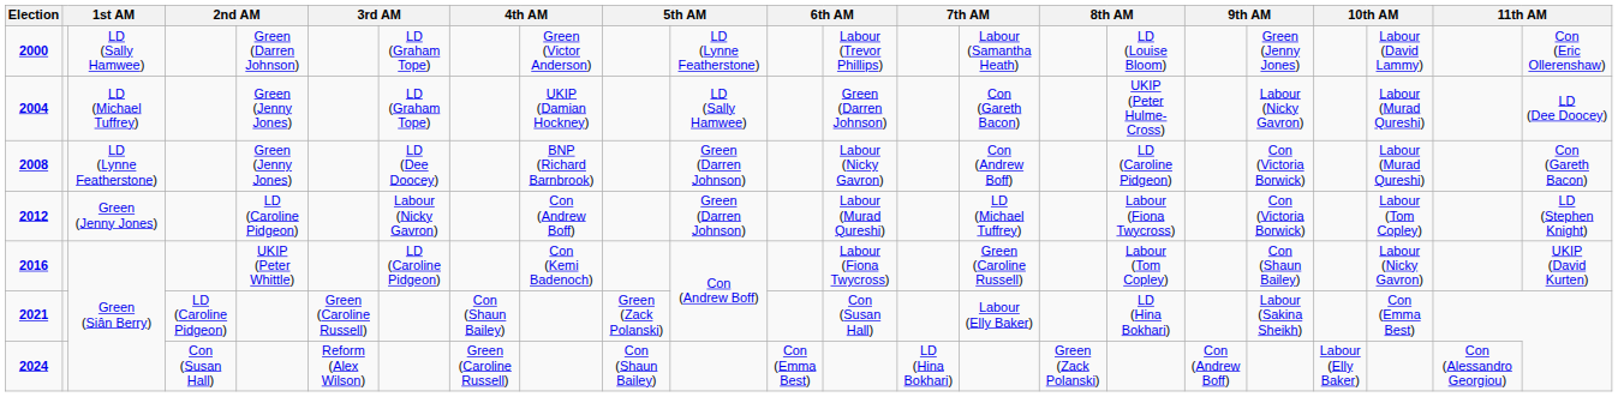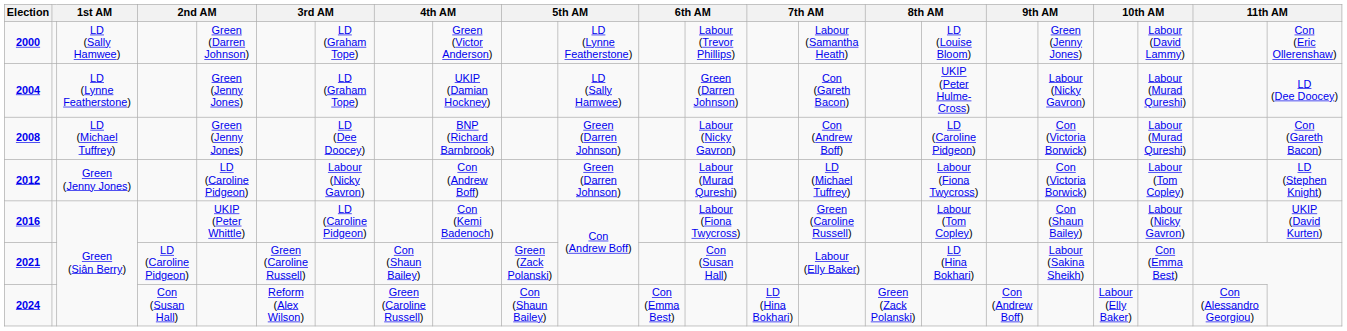 <table class="wikitable" style="text-align:center">
 <tr>
 <th>Election</th>
 <th colspan="2">1st AM</th>
 <th colspan="2">2nd AM</th>
 <th colspan="2">3rd AM</th>
 <th colspan="2">4th AM</th>
 <th colspan="2">5th AM</th>
 <th colspan="2">6th AM</th>
 <th colspan="2">7th AM</th>
 <th colspan="2">8th AM</th>
 <th colspan="2">9th AM</th>
 <th colspan="2">10th AM</th>
 <th colspan="2">11th AM</th>
 </tr>
 <tr>
 <td><strong><a href='#'>2000</a></strong></td>
 <td style="background:"></td>
 <td rowspan="1"><a href='#'>LD</a><br>(<a href='#'>Sally Hamwee</a>)</td>
 <td style="background:"></td>
 <td rowspan="1"><a href='#'>Green</a><br>(<a href='#'>Darren Johnson</a>)</td>
 <td style="background:"></td>
 <td rowspan="1"><a href='#'>LD</a><br>(<a href='#'>Graham Tope</a>)</td>
 <td style="background:"></td>
 <td rowspan="1"><a href='#'>Green</a><br>(<a href='#'>Victor Anderson</a>)</td>
 <td style="background:"></td>
 <td rowspan="1"><a href='#'>LD</a><br>(<a href='#'>Lynne Featherstone</a>)</td>
 <td style="background:"></td>
 <td rowspan="1"><a href='#'>Labour</a><br>(<a href='#'>Trevor Phillips</a>)</td>
 <td style="background:"></td>
 <td rowspan="1"><a href='#'>Labour</a><br>(<a href='#'>Samantha Heath</a>)</td>
 <td style="background:"></td>
 <td rowspan="1"><a href='#'>LD</a><br>(<a href='#'>Louise Bloom</a>)</td>
 <td style="background:"></td>
 <td rowspan="1"><a href='#'>Green</a><br>(<a href='#'>Jenny Jones</a>)</td>
 <td style="background:"></td>
 <td rowspan="1"><a href='#'>Labour</a><br>(<a href='#'>David Lammy</a>)</td>
 <td style="background:"></td>
 <td rowspan="1"><a href='#'>Con</a><br>(<a href='#'>Eric Ollerenshaw</a>)</td>
 </tr>
 <tr>
 <td><strong><a href='#'>2004</a></strong></td>
 <td style="background:"></td>
-<td rowspan="1"><a href='#'>LD</a><br>(<a href='#'>Michael Tuffrey</a>)</td>
+<td rowspan="1"><a href='#'>LD</a><br>(<a href='#'>Lynne Featherstone</a>)</td>
 <td style="background:"></td>
 <td rowspan="1"><a href='#'>Green</a><br>(<a href='#'>Jenny Jones</a>)</td>
 <td style="background:"></td>
 <td rowspan="1"><a href='#'>LD</a><br>(<a href='#'>Graham Tope</a>)</td>
 <td style="background:"></td>
 <td rowspan="1"><a href='#'>UKIP</a><br>(<a href='#'>Damian Hockney</a>)</td>
 <td style="background:"></td>
 <td rowspan="1"><a href='#'>LD</a><br>(<a href='#'>Sally Hamwee</a>)</td>
 <td style="background:"></td>
 <td rowspan="1"><a href='#'>Green</a><br>(<a href='#'>Darren Johnson</a>)</td>
 <td style="background:"></td>
 <td rowspan="1"><a href='#'>Con</a><br>(<a href='#'>Gareth Bacon</a>)</td>
 <td style="background:"></td>
 <td rowspan="1"><a href='#'>UKIP</a><br>(<a href='#'>Peter Hulme-Cross</a>)</td>
 <td style="background:"></td>
 <td rowspan="1"><a href='#'>Labour</a><br>(<a href='#'>Nicky Gavron</a>)</td>
 <td style="background:"></td>
 <td rowspan="1"><a href='#'>Labour</a><br>(<a href='#'>Murad Qureshi</a>)</td>
 <td style="background:"></td>
 <td rowspan="1"><a href='#'>LD</a><br>(<a href='#'>Dee Doocey</a>)</td>
 </tr>
 <tr>
 <td><strong><a href='#'>2008</a></strong></td>
 <td style="background:"></td>
-<td rowspan="1"><a href='#'>LD</a><br>(<a href='#'>Lynne Featherstone</a>)</td>
+<td rowspan="1"><a href='#'>LD</a><br>(<a href='#'>Michael Tuffrey</a>)</td>
 <td style="background:"></td>
 <td rowspan="1"><a href='#'>Green</a><br>(<a href='#'>Jenny Jones</a>)</td>
 <td style="background:"></td>
 <td rowspan="1"><a href='#'>LD</a><br>(<a href='#'>Dee Doocey</a>)</td>
 <td style="background:"></td>
 <td rowspan="1"><a href='#'>BNP</a><br>(<a href='#'>Richard Barnbrook</a>)</td>
 <td style="background:"></td>
 <td rowspan="1"><a href='#'>Green</a><br>(<a href='#'>Darren Johnson</a>)</td>
 <td style="background:"></td>
 <td rowspan="1"><a href='#'>Labour</a><br>(<a href='#'>Nicky Gavron</a>)</td>
 <td style="background:"></td>
 <td rowspan="1"><a href='#'>Con</a><br>(<a href='#'>Andrew Boff</a>)</td>
 <td style="background:"></td>
 <td rowspan="1"><a href='#'>LD</a><br>(<a href='#'>Caroline Pidgeon</a>)</td>
 <td style="background:"></td>
 <td rowspan="1"><a href='#'>Con</a><br>(<a href='#'>Victoria Borwick</a>)</td>
 <td style="background:"></td>
 <td rowspan="1"><a href='#'>Labour</a><br>(<a href='#'>Murad Qureshi</a>)</td>
 <td style="background:"></td>
 <td rowspan="1"><a href='#'>Con</a><br>(<a href='#'>Gareth Bacon</a>)</td>
 </tr>
 <tr>
 <td><strong><a href='#'>2012</a></strong></td>
 <td style="background:"></td>
 <td rowspan="1"><a href='#'>Green</a><br>(<a href='#'>Jenny Jones</a>)</td>
 <td style="background:"></td>
 <td rowspan="1"><a href='#'>LD</a><br>(<a href='#'>Caroline Pidgeon</a>)</td>
 <td style="background:"></td>
 <td rowspan="1"><a href='#'>Labour</a><br>(<a href='#'>Nicky Gavron</a>)</td>
 <td style="background:"></td>
 <td rowspan="1"><a href='#'>Con</a><br>(<a href='#'>Andrew Boff</a>)</td>
 <td style="background:"></td>
 <td rowspan="1"><a href='#'>Green</a><br>(<a href='#'>Darren Johnson</a>)</td>
 <td style="background:"></td>
 <td rowspan="1"><a href='#'>Labour</a><br>(<a href='#'>Murad Qureshi</a>)</td>
 <td style="background:"></td>
 <td rowspan="1"><a href='#'>LD</a><br>(<a href='#'>Michael Tuffrey</a>)</td>
 <td style="background:"></td>
 <td rowspan="1"><a href='#'>Labour</a><br>(<a href='#'>Fiona Twycross</a>)</td>
 <td style="background:"></td>
 <td rowspan="1"><a href='#'>Con</a><br>(<a href='#'>Victoria Borwick</a>)</td>
 <td style="background:"></td>
 <td rowspan="1"><a href='#'>Labour</a><br>(<a href='#'>Tom Copley</a>)</td>
 <td style="background:"></td>
 <td rowspan="1"><a href='#'>LD</a><br>(<a href='#'>Stephen Knight</a>)</td>
 </tr>
 <tr>
 <td><strong><a href='#'>2016</a></strong></td>
 <td style="background:"></td>
 <td rowspan="3"><a href='#'>Green</a><br>(<a href='#'>Siân Berry</a>)</td>
 <td style="background:"></td>
 <td rowspan="1"><a href='#'>UKIP</a><br>(<a href='#'>Peter Whittle</a>)</td>
 <td style="background:"></td>
 <td rowspan="1"><a href='#'>LD</a><br>(<a href='#'>Caroline Pidgeon</a>)</td>
 <td style="background:"></td>
 <td rowspan="1"><a href='#'>Con</a><br>(<a href='#'>Kemi Badenoch</a>)</td>
 <td style="background:"></td>
 <td rowspan="2"><a href='#'>Con</a><br>(<a href='#'>Andrew Boff</a>) </td>
 <td style="background:"></td>
 <td rowspan="1"><a href='#'>Labour</a><br>(<a href='#'>Fiona Twycross</a>)</td>
 <td style="background:"></td>
 <td rowspan="1"><a href='#'>Green</a><br>(<a href='#'>Caroline Russell</a>)</td>
 <td style="background:"></td>
 <td rowspan="1"><a href='#'>Labour</a><br>(<a href='#'>Tom Copley</a>)</td>
 <td style="background:"></td>
 <td rowspan="1"><a href='#'>Con</a><br>(<a href='#'>Shaun Bailey</a>)</td>
 <td style="background:"></td>
 <td rowspan="1"><a href='#'>Labour</a><br>(<a href='#'>Nicky Gavron</a>)</td>
 <td style="background:"></td>
 <td rowspan="1"><a href='#'>UKIP</a><br>(<a href='#'>David Kurten</a>)</td>
 </tr>
 <tr>
 <td><strong><a href='#'>2021</a></strong></td>
 <td style="background:"></td>
 <td rowspan="1"><a href='#'>LD</a><br>(<a href='#'>Caroline Pidgeon</a>)</td>
 <td style="background:"></td>
 <td rowspan="1"><a href='#'>Green</a><br>(<a href='#'>Caroline Russell</a>)</td>
 <td style="background:"></td>
 <td rowspan="1"><a href='#'>Con</a><br>(<a href='#'>Shaun Bailey</a>)</td>
 <td style="background:"></td>
 <td rowspan="1"><a href='#'>Green</a><br>(<a href='#'>Zack Polanski</a>)</td>
 <td style="background:"></td>
 <td rowspan="1"><a href='#'>Con</a><br>(<a href='#'>Susan Hall</a>) </td>
 <td style="background:"></td>
 <td rowspan="1"><a href='#'>Labour</a><br>(<a href='#'>Elly Baker</a>)</td>
 <td style="background:"></td>
 <td rowspan="1"><a href='#'>LD</a><br>(<a href='#'>Hina Bokhari</a>)</td>
 <td style="background:"></td>
 <td rowspan="1"><a href='#'>Labour</a><br>(<a href='#'>Sakina Sheikh</a>)</td>
 <td style="background:"></td>
 <td rowspan="1"><a href='#'>Con</a><br>(<a href='#'>Emma Best</a>) </td>
 </tr>
 <tr>
 <td><strong><a href='#'>2024</a></strong></td>
 <td style="background:"></td>
 <td rowspan="1"><a href='#'>Con</a><br>(<a href='#'>Susan Hall</a>)</td>
 <td style="background:"></td>
 <td rowspan="1"><a href='#'>Reform</a><br>(<a href='#'>Alex Wilson</a>)</td>
 <td style="background:"></td>
 <td rowspan="1"><a href='#'>Green</a><br>(<a href='#'>Caroline Russell</a>)</td>
 <td style="background:"></td>
 <td rowspan="1"><a href='#'>Con</a><br>(<a href='#'>Shaun Bailey</a>)</td>
 <td style="background:"></td>
 <td rowspan="1"><a href='#'>Con</a><br>(<a href='#'>Emma Best</a>)</td>
 <td style="background:"></td>
 <td rowspan="1"><a href='#'>LD</a><br>(<a href='#'>Hina Bokhari</a>)</td>
 <td style="background:"></td>
 <td rowspan="1"><a href='#'>Green</a><br>(<a href='#'>Zack Polanski</a>)</td>
 <td style="background:"></td>
 <td rowspan="1"><a href='#'>Con</a><br>(<a href='#'>Andrew Boff</a>)</td>
 <td style="background:"></td>
 <td rowspan="1"><a href='#'>Labour</a><br>(<a href='#'>Elly Baker</a>)</td>
 <td style="background:"></td>
 <td rowspan="1"><a href='#'>Con</a><br>(<a href='#'>Alessandro Georgiou</a>)<br></td>
 </tr>
 </table>
